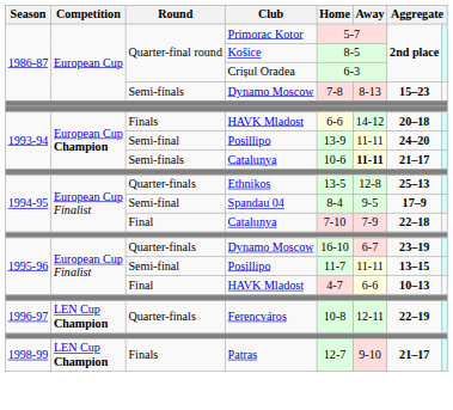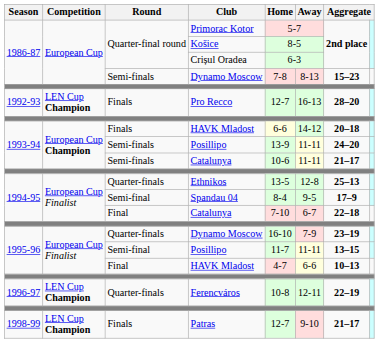 <table class="wikitable collapsible collapsed" align="center" style="text-align:left;">
 <tr>
 <th>Season</th>
 <th>Competition</th>
 <th>Round</th>
 <th>Club</th>
 <th>Home</th>
 <th>Away</th>
 <th colspan=2>Aggregate</th>
 </tr>
 <tr>
 <td rowspan=4><a href='#'>1986-87</a></td>
 <td rowspan=4><a href='#'>European Cup</a></td>
 <td rowspan=3>Quarter-final round</td>
 <td> <a href='#'>Primorac Kotor</a></td>
 <td colspan=2; style="text-align:center; background:#fdd;">5-7</td>
 <td align=center rowspan=3><strong>2nd place</strong></td>
 <td style="background-color:#CFF" align="center" rowspan=3></td>
 </tr>
 <tr>
 <td> <a href='#'>Košice</a></td>
 <td colspan=2; style="text-align:center; background:#dfd;">8-5</td>
 </tr>
 <tr>
 <td> Crișul Oradea</td>
 <td colspan=2; style="text-align:center; background:#dfd;">6-3</td>
 </tr>
 <tr>
 <td>Semi-finals</td>
 <td> <a href='#'>Dynamo Moscow</a></td>
 <td style="text-align:center; background:#fdd;">7-8</td>
 <td style="text-align:center; background:#fdd;">8-13</td>
 <td style="text-align:center;"><strong>15–23</strong></td>
 <td align="center"></td>
 </tr>
 <tr>
 <td colspan=8 style="text-align: center;" bgcolor=grey></td>
 </tr>
 <tr>
+<td rowspan=1><a href='#'>1992-93</a></td>
+<td rowspan=1><a href='#'>LEN Cup</a><br> <strong>Champion</strong></td>
+<td>Finals</td>
+<td> <a href='#'>Pro Recco</a></td>
+<td style="text-align:center; background:#dfd;">12-7</td>
+<td style="text-align:center; background:#dfd;">16-13</td>
+<td style="text-align:center;"><strong>28–20</strong></td>
+<td style="background-color:#CFF" align="center"></td>
+</tr>
+<tr>
 <td colspan=8 style="text-align: center;" bgcolor=grey></td>
 </tr>
 <tr>
 <td rowspan=3><a href='#'>1993-94</a></td>
 <td rowspan=3><a href='#'>European Cup</a><br> <strong>Champion</strong></td>
 <td>Finals</td>
 <td> <a href='#'>HAVK Mladost</a></td>
 <td style="text-align:center; background:#ffd;">6-6</td>
 <td style="text-align:center; background:#dfd;">14-12</td>
 <td style="text-align:center;"><strong>20–18</strong></td>
 <td style="background-color:#CFF" align="center"></td>
 </tr>
 <tr>
-<td>Semi-final</td>
+<td>Semi-finals</td>
 <td> <a href='#'>Posillipo</a></td>
 <td style="text-align:center; background:#dfd;">13-9</td>
 <td style="text-align:center; background:#ffd;">11-11</td>
 <td style="text-align:center;"><strong>24–20</strong></td>
 <td style="background-color:#CFF" align="center"></td>
 </tr>
 <tr>
 <td>Semi-finals</td>
 <td> <a href='#'>Catalunya</a></td>
 <td style="text-align:center; background:#dfd;">10-6</td>
-<td style="text-align:center; background:#ffd;"><strong>11-11</strong></td>
+<td style="text-align:center; background:#ffd;">11-11</td>
 <td style="text-align:center;"><strong>21–17</strong></td>
 <td style="background-color:#CFF" align="center"></td>
 </tr>
 <tr>
 <td colspan=8 style="text-align: center;" bgcolor=grey></td>
 </tr>
 <tr>
 <td rowspan=3><a href='#'>1994-95</a></td>
 <td rowspan=3><a href='#'>European Cup</a><br> <em>Finalist</em></td>
 <td>Quarter-finals</td>
 <td> <a href='#'>Ethnikos</a></td>
 <td style="text-align:center; background:#dfd;">13-5</td>
 <td style="text-align:center; background:#dfd;">12-8</td>
 <td style="text-align:center;"><strong>25–13</strong></td>
 <td style="background-color:#CFF" align="center"></td>
 </tr>
 <tr>
 <td>Semi-final</td>
 <td> <a href='#'>Spandau 04</a></td>
 <td style="text-align:center; background:#dfd;">8-4</td>
 <td style="text-align:center; background:#dfd;">9-5</td>
 <td style="text-align:center;"><strong>17–9</strong></td>
 <td style="background-color:#CFF" align="center"></td>
 </tr>
 <tr>
 <td>Final</td>
 <td> <a href='#'>Catalunya</a></td>
 <td style="text-align:center; background:#fdd;">7-10</td>
-<td style="text-align:center; background:#fdd;">7-9</td>
+<td style="text-align:center; background:#fdd;">6-7</td>
 <td style="text-align:center;"><strong>22–18</strong></td>
 <td align="center"></td>
 </tr>
 <tr>
 <td colspan=8 style="text-align: center;" bgcolor=grey></td>
 </tr>
 <tr>
 <td rowspan=3><a href='#'>1995-96</a></td>
 <td rowspan=3><a href='#'>European Cup</a><br> <em>Finalist</em></td>
 <td>Quarter-finals</td>
 <td> <a href='#'>Dynamo Moscow</a></td>
 <td style="text-align:center; background:#dfd;">16-10</td>
-<td style="text-align:center; background:#fdd;">6-7</td>
+<td style="text-align:center; background:#fdd;">7-9</td>
 <td style="text-align:center;"><strong>23–19</strong></td>
 <td style="background-color:#CFF" align="center"></td>
 </tr>
 <tr>
 <td>Semi-final</td>
 <td> <a href='#'>Posillipo</a></td>
 <td style="text-align:center; background:#dfd;">11-7</td>
 <td style="text-align:center; background:#ffd;">11-11</td>
 <td style="text-align:center;"><strong>13–15</strong></td>
 <td style="background-color:#CFF" align="center"></td>
 </tr>
 <tr>
 <td>Final</td>
 <td> <a href='#'>HAVK Mladost</a></td>
 <td style="text-align:center; background:#fdd;">4-7</td>
 <td style="text-align:center; background:#ffd;">6-6</td>
 <td style="text-align:center;"><strong>10–13</strong></td>
 <td align="center"></td>
 </tr>
 <tr>
 <td colspan=8 style="text-align: center;" bgcolor=grey></td>
 </tr>
 <tr>
 <td rowspan=1><a href='#'>1996-97</a></td>
 <td rowspan=1><a href='#'>LEN Cup</a><br> <strong>Champion</strong></td>
 <td>Quarter-finals</td>
 <td> <a href='#'>Ferencváros</a></td>
 <td style="text-align:center; background:#dfd;">10-8</td>
 <td style="text-align:center; background:#dfd;">12-11 </td>
 <td style="text-align:center;"><strong>22–19</strong></td>
 <td style="background-color:#CFF" align="center"></td>
 </tr>
 <tr>
 <td colspan=8 style="text-align: center;" bgcolor=grey></td>
 </tr>
 <tr>
 <td rowspan=1><a href='#'>1998-99</a></td>
 <td rowspan=1><a href='#'>LEN Cup</a><br> <strong>Champion</strong></td>
 <td>Finals</td>
 <td> <a href='#'>Patras</a></td>
 <td style="text-align:center; background:#dfd;">12-7</td>
 <td style="text-align:center; background:#fdd;">9-10</td>
 <td style="text-align:center;"><strong>21–17</strong></td>
 <td style="background-color:#CFF" align="center"></td>
 </tr>
 </table>
